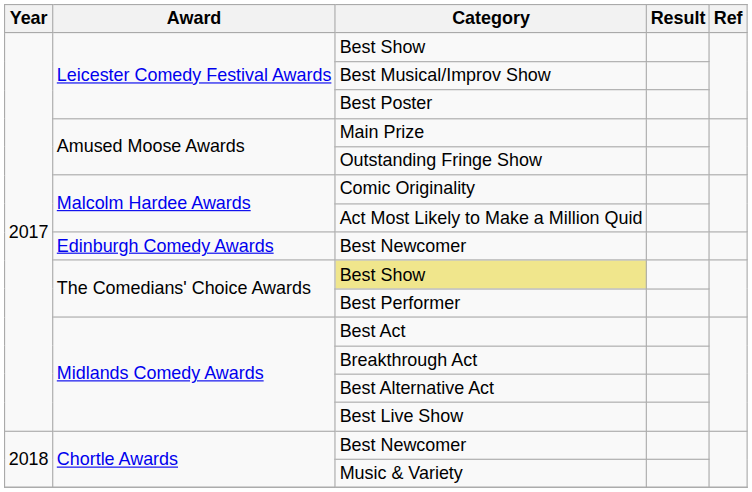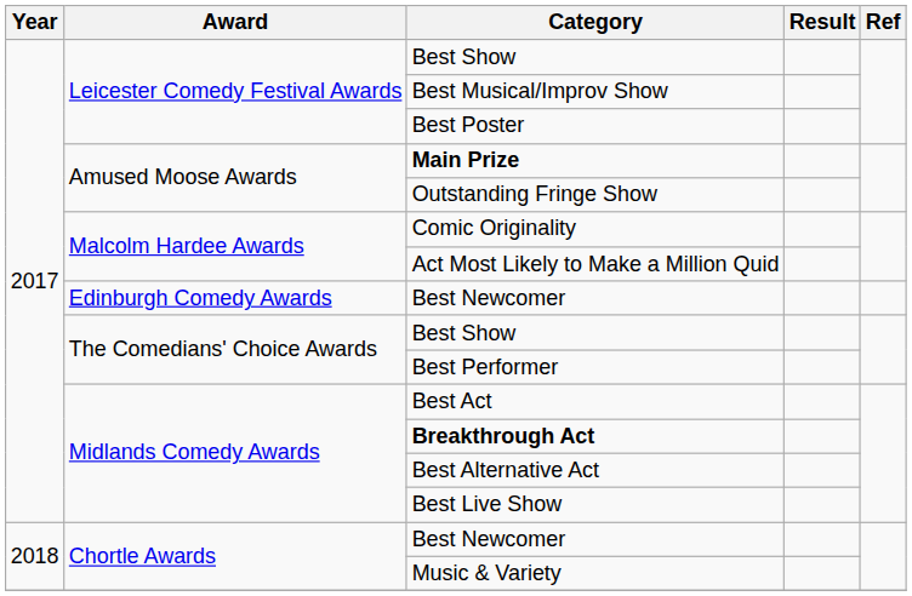 <table class="wikitable sortable">
 <tr>
 <th>Year</th>
 <th>Award</th>
 <th>Category</th>
 <th>Result</th>
 <th class=unsortable>Ref</th>
 </tr>
 <tr>
 <td rowspan="14" style="text-align:center;">2017</td>
 <td rowspan="3"><a href='#'>Leicester Comedy Festival Awards</a></td>
 <td>Best Show</td>
 <td></td>
 <td rowspan="3"></td>
 </tr>
 <tr>
 <td>Best Musical/Improv Show</td>
 <td></td>
 </tr>
 <tr>
 <td>Best Poster</td>
 <td></td>
 </tr>
 <tr>
 <td rowspan="2">Amused Moose Awards</td>
-<td>Main Prize</td>
+<td><strong>Main Prize</strong></td>
 <td></td>
 <td rowspan="2"></td>
 </tr>
 <tr>
 <td>Outstanding Fringe Show</td>
 <td></td>
 </tr>
 <tr>
 <td rowspan="2"><a href='#'>Malcolm Hardee Awards</a></td>
 <td>Comic Originality</td>
 <td></td>
 <td rowspan="2"></td>
 </tr>
 <tr>
 <td>Act Most Likely to Make a Million Quid</td>
 <td></td>
 </tr>
 <tr>
 <td rowspan="1"><a href='#'>Edinburgh Comedy Awards</a></td>
 <td>Best Newcomer</td>
 <td></td>
 <td rowspan="1"></td>
 </tr>
 <tr>
 <td rowspan="2">The Comedians' Choice Awards</td>
-<td style="background: khaki;">Best Show</td>
+<td>Best Show</td>
 <td></td>
 <td rowspan="2"></td>
 </tr>
 <tr>
 <td>Best Performer</td>
 <td></td>
 </tr>
 <tr>
 <td rowspan="4"><a href='#'>Midlands Comedy Awards</a></td>
 <td>Best Act</td>
 <td></td>
 <td rowspan="4"></td>
 </tr>
 <tr>
-<td>Breakthrough Act</td>
+<td><strong>Breakthrough Act</strong></td>
 <td></td>
 </tr>
 <tr>
 <td>Best Alternative Act</td>
 <td></td>
 </tr>
 <tr>
 <td>Best Live Show</td>
 <td></td>
 </tr>
 <tr>
 <td rowspan="2" style="text-align:center;">2018</td>
 <td rowspan="2"><a href='#'>Chortle Awards</a></td>
 <td>Best Newcomer</td>
 <td></td>
 <td rowspan="2"></td>
 </tr>
 <tr>
 <td>Music & Variety</td>
 <td></td>
 </tr>
 <tr>
 </tr>
 </table>
